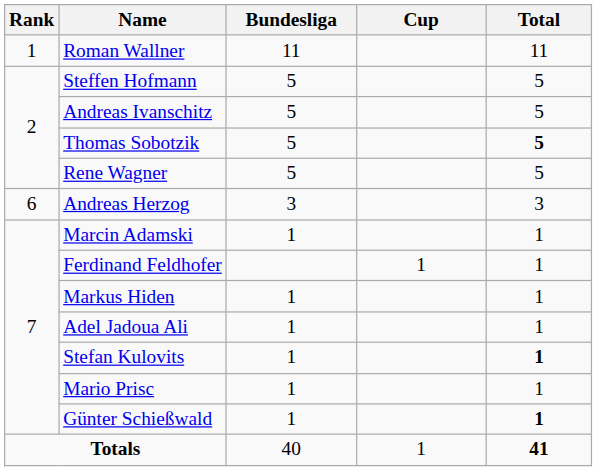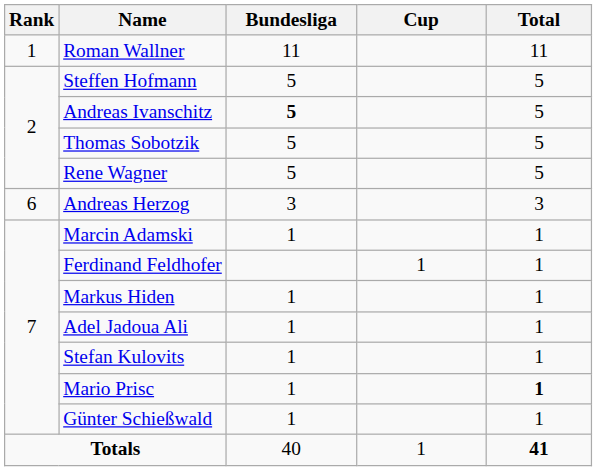 <table class="wikitable" style="text-align: center;">
 <tr>
 <th>Rank</th>
 <th>Name</th>
 <th width=100>Bundesliga</th>
 <th width=100>Cup</th>
 <th width=80><strong>Total</strong></th>
 </tr>
 <tr>
 <td>1</td>
 <td align="left"> <a href='#'>Roman Wallner</a></td>
 <td>11</td>
 <td></td>
 <td>11</td>
 </tr>
 <tr>
 <td rowspan="4">2</td>
 <td align="left"> <a href='#'>Steffen Hofmann</a></td>
 <td>5</td>
 <td></td>
 <td>5</td>
 </tr>
 <tr>
 <td align="left"> <a href='#'>Andreas Ivanschitz</a></td>
-<td>5</td>
+<td><strong>5</strong></td>
 <td></td>
 <td>5</td>
 </tr>
 <tr>
 <td align="left"> <a href='#'>Thomas Sobotzik</a></td>
 <td>5</td>
 <td></td>
-<td><strong>5</strong></td>
+<td>5</td>
 </tr>
 <tr>
 <td align="left"> <a href='#'>Rene Wagner</a></td>
 <td>5</td>
 <td></td>
 <td>5</td>
 </tr>
 <tr>
 <td>6</td>
 <td align="left"> <a href='#'>Andreas Herzog</a></td>
 <td>3</td>
 <td></td>
 <td>3</td>
 </tr>
 <tr>
 <td rowspan="7">7</td>
 <td align="left"> <a href='#'>Marcin Adamski</a></td>
 <td>1</td>
 <td></td>
 <td>1</td>
 </tr>
 <tr>
 <td align="left"> <a href='#'>Ferdinand Feldhofer</a></td>
 <td></td>
 <td>1</td>
 <td>1</td>
 </tr>
 <tr>
 <td align="left"> <a href='#'>Markus Hiden</a></td>
 <td>1</td>
 <td></td>
 <td>1</td>
 </tr>
 <tr>
 <td align="left"> <a href='#'>Adel Jadoua Ali</a></td>
 <td>1</td>
 <td></td>
 <td>1</td>
 </tr>
 <tr>
 <td align="left"> <a href='#'>Stefan Kulovits</a></td>
 <td>1</td>
 <td></td>
-<td><strong>1</strong></td>
+<td>1</td>
 </tr>
 <tr>
 <td align="left"> <a href='#'>Mario Prisc</a></td>
 <td>1</td>
 <td></td>
-<td>1</td>
+<td><strong>1</strong></td>
 </tr>
 <tr>
 <td align="left"> <a href='#'>Günter Schießwald</a></td>
 <td>1</td>
 <td></td>
-<td><strong>1</strong></td>
+<td>1</td>
 </tr>
 <tr>
 <td colspan="2"><strong>Totals</strong></td>
 <td>40</td>
 <td>1</td>
 <td><strong>41</strong></td>
 </tr>
 </table>
